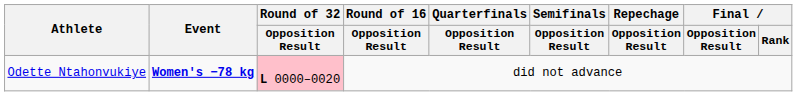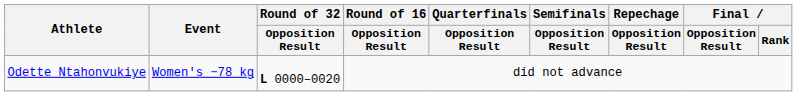 <table class="wikitable" style="font-size:90%">
 <tr>
 <th rowspan=2>Athlete</th>
 <th rowspan=2>Event</th>
 <th>Round of 32</th>
 <th>Round of 16</th>
 <th>Quarterfinals</th>
 <th>Semifinals</th>
 <th>Repechage</th>
 <th colspan=2>Final / </th>
 </tr>
 <tr style="font-size:95%">
 <th>Opposition<br>Result</th>
 <th>Opposition<br>Result</th>
 <th>Opposition<br>Result</th>
 <th>Opposition<br>Result</th>
 <th>Opposition<br>Result</th>
 <th>Opposition<br>Result</th>
 <th>Rank</th>
 </tr>
 <tr align=center>
 <td align=left><a href='#'>Odette Ntahonvukiye</a></td>
-<td align=left><strong><a href='#'>Women's −78 kg</a></strong></td>
-<td style="background: pink;"><br><strong>L</strong> 0000–0020</td>
+<td align=left><a href='#'>Women's −78 kg</a></td>
+<td><br><strong>L</strong> 0000–0020</td>
 <td colspan=6>did not advance</td>
 </tr>
 </table>
